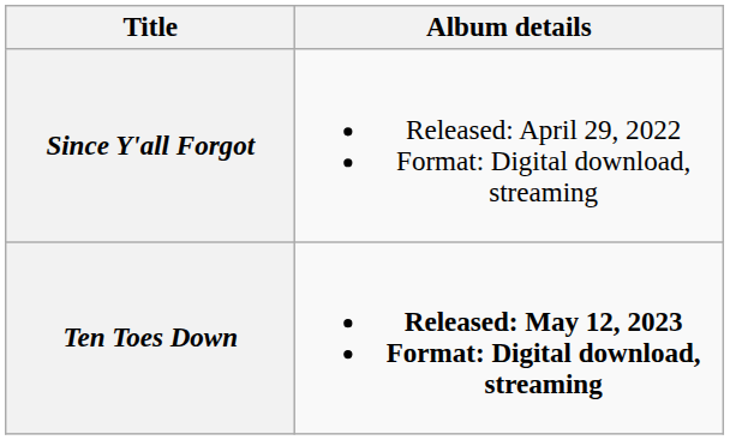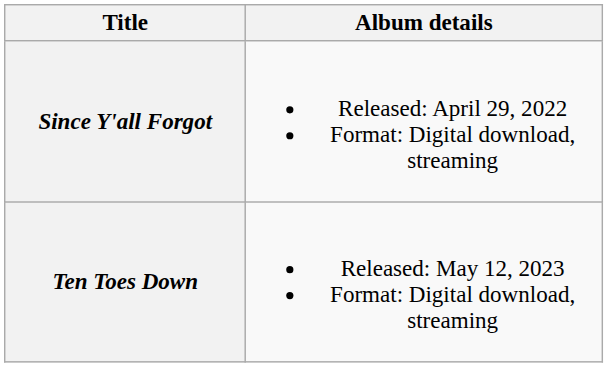 <table class="wikitable plainrowheaders" style="text-align:center;" border="1">
 <tr>
 <th scope="col" style="width:10em;">Title</th>
 <th scope="col" style="width:15em;">Album details</th>
 </tr>
 <tr>
 <th scope="row"><em>Since Y'all Forgot</em></th>
 <td><br><ul><li>Released: April 29, 2022</li><li>Format: Digital download, streaming</li></ul></td>
 </tr>
 <tr>
 <th scope="row"><em>Ten Toes Down</em></th>
-<td><strong><br><ul><li>Released: May 12, 2023</li><li>Format: Digital download, streaming</li></ul></strong></td>
+<td><br><ul><li>Released: May 12, 2023</li><li>Format: Digital download, streaming</li></ul></td>
 </tr>
 </table>
